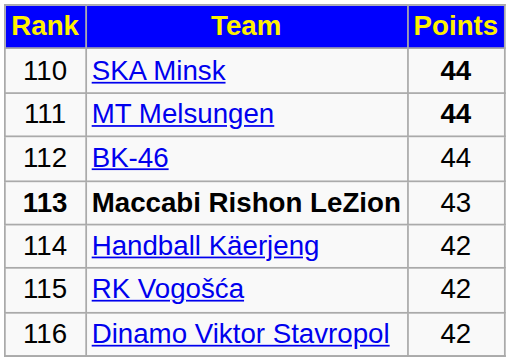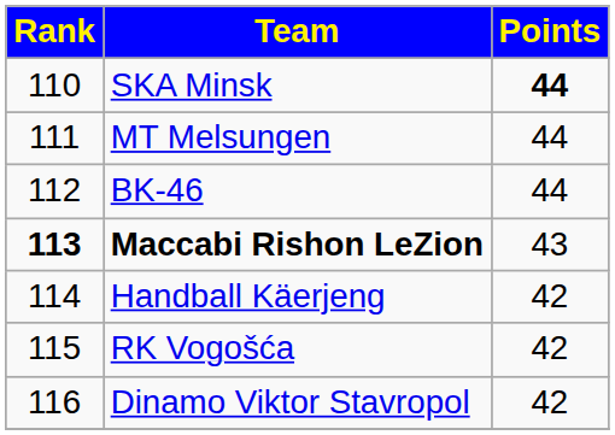 <table class="wikitable" style="text-align: center">
 <tr>
 <th style="color:#FFF000; background:#0000FF">Rank</th>
 <th style="color:#FFF000; background:#0000FF">Team</th>
 <th style="color:#FFF000; background:#0000FF">Points</th>
 </tr>
 <tr>
 <td>110</td>
 <td align=left> <a href='#'>SKA Minsk</a></td>
 <td><strong>44</strong></td>
 </tr>
 <tr>
 <td>111</td>
 <td align=left> <a href='#'>MT Melsungen</a></td>
-<td><strong>44</strong></td>
+<td>44</td>
 </tr>
 <tr>
 <td>112</td>
 <td align=left> <a href='#'>BK-46</a></td>
 <td>44</td>
 </tr>
 <tr>
 <td><strong>113</strong></td>
 <td align=left> <strong>Maccabi Rishon LeZion</strong></td>
 <td>43</td>
 </tr>
 <tr>
 <td>114</td>
 <td align=left> <a href='#'>Handball Käerjeng</a></td>
 <td>42</td>
 </tr>
 <tr>
 <td>115</td>
 <td align=left> <a href='#'>RK Vogošća</a></td>
 <td>42</td>
 </tr>
 <tr>
 <td>116</td>
 <td align=left> <a href='#'>Dinamo Viktor Stavropol</a></td>
 <td>42</td>
 </tr>
 <tr>
 </tr>
 </table>
